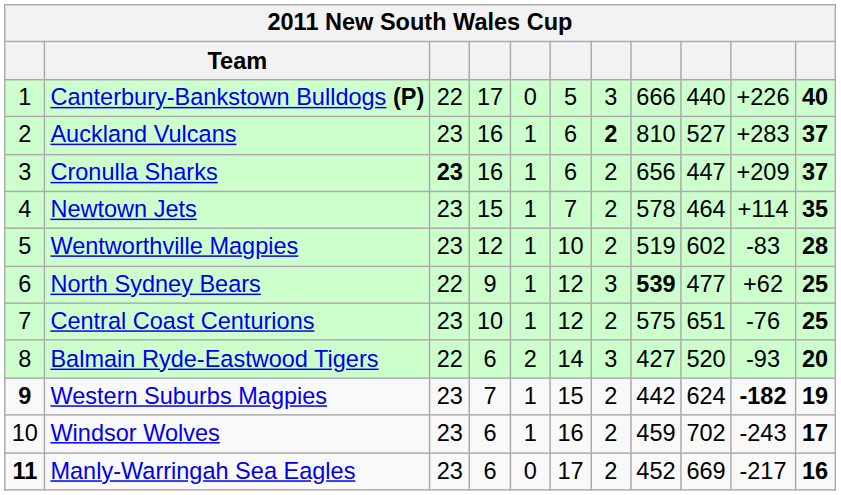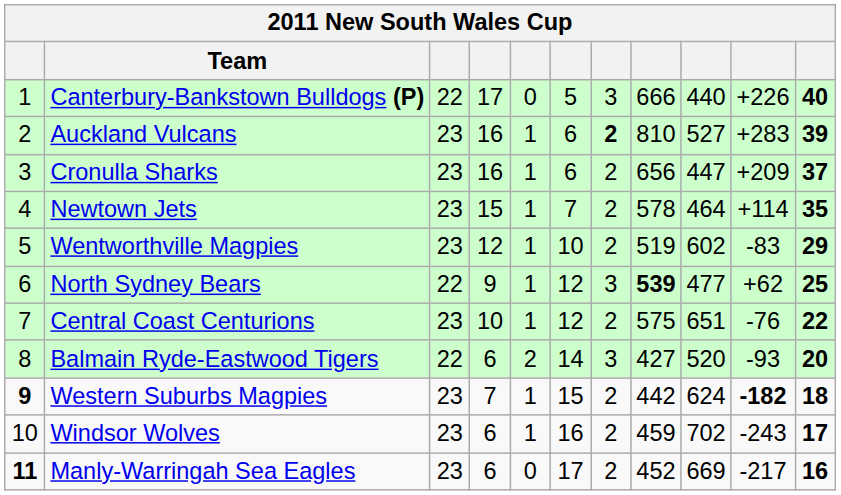 <table class="wikitable" style="text-align:center">
 <tr>
 <th colspan="11">2011 New South Wales Cup</th>
 </tr>
 <tr>
 <th width="20"></th>
 <th>Team</th>
 <th width="20"></th>
 <th width="20"></th>
 <th width="20"></th>
 <th width="20"></th>
 <th width="20"></th>
 <th width="25"></th>
 <th width="25"></th>
 <th width="30"></th>
 <th width="20"></th>
 </tr>
 <tr style="background: #ccffcc;">
 <td>1</td>
 <td style="text-align:left;"> <a href='#'>Canterbury-Bankstown Bulldogs</a> <strong>(P)</strong></td>
 <td>22</td>
 <td>17</td>
 <td>0</td>
 <td>5</td>
 <td>3</td>
 <td>666</td>
 <td>440</td>
 <td>+226</td>
 <td><strong>40</strong></td>
 </tr>
 <tr style="background: #ccffcc;">
 <td>2</td>
 <td style="text-align:left;"> <a href='#'>Auckland Vulcans</a></td>
 <td>23</td>
 <td>16</td>
 <td>1</td>
 <td>6</td>
 <td><strong>2</strong></td>
 <td>810</td>
 <td>527</td>
 <td>+283</td>
-<td><strong>37</strong></td>
+<td><strong>39</strong></td>
 </tr>
 <tr style="background: #ccffcc;">
 <td>3</td>
 <td style="text-align:left;"> <a href='#'>Cronulla Sharks</a></td>
-<td><strong>23</strong></td>
+<td>23</td>
 <td>16</td>
 <td>1</td>
 <td>6</td>
 <td>2</td>
 <td>656</td>
 <td>447</td>
 <td>+209</td>
 <td><strong>37</strong></td>
 </tr>
 <tr style="background: #ccffcc;">
 <td>4</td>
 <td style="text-align:left;"> <a href='#'>Newtown Jets</a></td>
 <td>23</td>
 <td>15</td>
 <td>1</td>
 <td>7</td>
 <td>2</td>
 <td>578</td>
 <td>464</td>
 <td>+114</td>
 <td><strong>35</strong></td>
 </tr>
 <tr style="background: #ccffcc;">
 <td>5</td>
 <td style="text-align:left;"> <a href='#'>Wentworthville Magpies</a></td>
 <td>23</td>
 <td>12</td>
 <td>1</td>
 <td>10</td>
 <td>2</td>
 <td>519</td>
 <td>602</td>
 <td>-83</td>
-<td><strong>28</strong></td>
+<td><strong>29</strong></td>
 </tr>
 <tr style="background: #ccffcc;">
 <td>6</td>
 <td style="text-align:left;"> <a href='#'>North Sydney Bears</a></td>
 <td>22</td>
 <td>9</td>
 <td>1</td>
 <td>12</td>
 <td>3</td>
 <td><strong>539</strong></td>
 <td>477</td>
 <td>+62</td>
 <td><strong>25</strong></td>
 </tr>
 <tr style="background: #ccffcc;">
 <td>7</td>
 <td style="text-align:left;"> <a href='#'>Central Coast Centurions</a></td>
 <td>23</td>
 <td>10</td>
 <td>1</td>
 <td>12</td>
 <td>2</td>
 <td>575</td>
 <td>651</td>
 <td>-76</td>
-<td><strong>25</strong></td>
+<td><strong>22</strong></td>
 </tr>
 <tr style="background: #ccffcc;">
 <td>8</td>
 <td style="text-align:left;"> <a href='#'>Balmain Ryde-Eastwood Tigers</a></td>
 <td>22</td>
 <td>6</td>
 <td>2</td>
 <td>14</td>
 <td>3</td>
 <td>427</td>
 <td>520</td>
 <td>-93</td>
 <td><strong>20</strong></td>
 </tr>
 <tr style="background:">
 <td><strong>9</strong></td>
 <td style="text-align:left;"> <a href='#'>Western Suburbs Magpies</a></td>
 <td>23</td>
 <td>7</td>
 <td>1</td>
 <td>15</td>
 <td>2</td>
 <td>442</td>
 <td>624</td>
 <td><strong>-182</strong></td>
-<td><strong>19</strong></td>
+<td><strong>18</strong></td>
 </tr>
 <tr style="background:">
 <td>10</td>
 <td style="text-align:left;"> <a href='#'>Windsor Wolves</a></td>
 <td>23</td>
 <td>6</td>
 <td>1</td>
 <td>16</td>
 <td>2</td>
 <td>459</td>
 <td>702</td>
 <td>-243</td>
 <td><strong>17</strong></td>
 </tr>
 <tr style="background:">
 <td><strong>11</strong></td>
 <td style="text-align:left;"> <a href='#'>Manly-Warringah Sea Eagles</a></td>
 <td>23</td>
 <td>6</td>
 <td>0</td>
 <td>17</td>
 <td>2</td>
 <td>452</td>
 <td>669</td>
 <td>-217</td>
 <td><strong>16</strong></td>
 </tr>
 </table>
